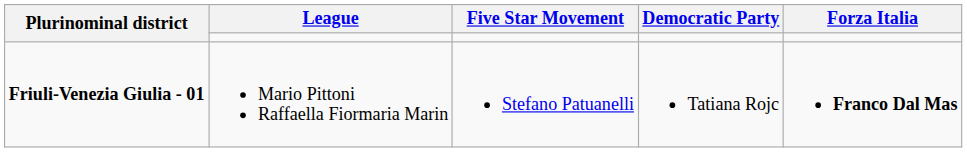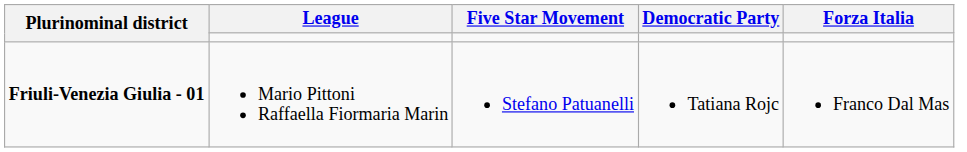 <table class="wikitable">
 <tr>
 <th rowspan="2">Plurinominal district</th>
 <th><a href='#'>League</a></th>
 <th><a href='#'>Five Star Movement</a></th>
 <th><a href='#'>Democratic Party</a></th>
 <th><a href='#'>Forza Italia</a></th>
 </tr>
 <tr>
 <td></td>
 <td></td>
 <td></td>
 <td></td>
 </tr>
 <tr>
 <td><strong>Friuli-Venezia Giulia - 01</strong></td>
 <td><br><ul><li>Mario Pittoni</li><li>Raffaella Fiormaria Marin</li></ul></td>
 <td><br><ul><li><a href='#'>Stefano Patuanelli</a></li></ul></td>
 <td><br><ul><li>Tatiana Rojc</li></ul></td>
-<td><strong><br><ul><li>Franco Dal Mas</li></ul></strong></td>
+<td><br><ul><li>Franco Dal Mas</li></ul></td>
 </tr>
 </table>
